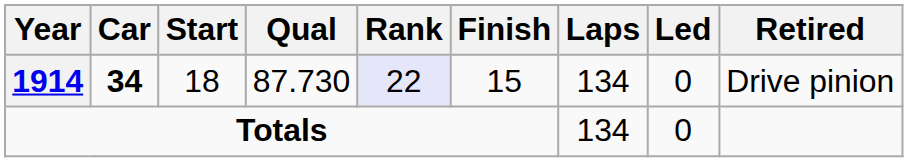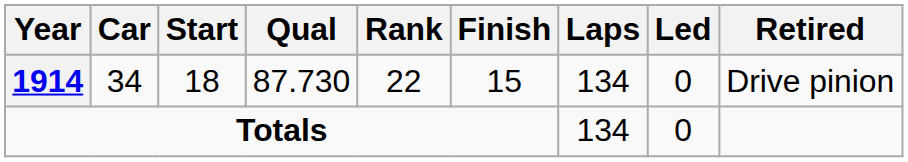 <table class="wikitable" style="text-align:center">
 <tr>
 <th>Year</th>
 <th>Car</th>
 <th>Start</th>
 <th>Qual</th>
 <th>Rank</th>
 <th>Finish</th>
 <th>Laps</th>
 <th>Led</th>
 <th>Retired</th>
 </tr>
 <tr>
 <th><a href='#'>1914</a></th>
-<td><strong>34</strong></td>
+<td>34</td>
 <td>18</td>
 <td>87.730</td>
-<td style="background: lavender;">22</td>
+<td>22</td>
 <td>15</td>
 <td>134</td>
 <td>0</td>
 <td>Drive pinion</td>
 </tr>
 <tr>
 <td colspan=6><strong>Totals</strong></td>
 <td>134</td>
 <td>0</td>
 <td></td>
 </tr>
 </table>
